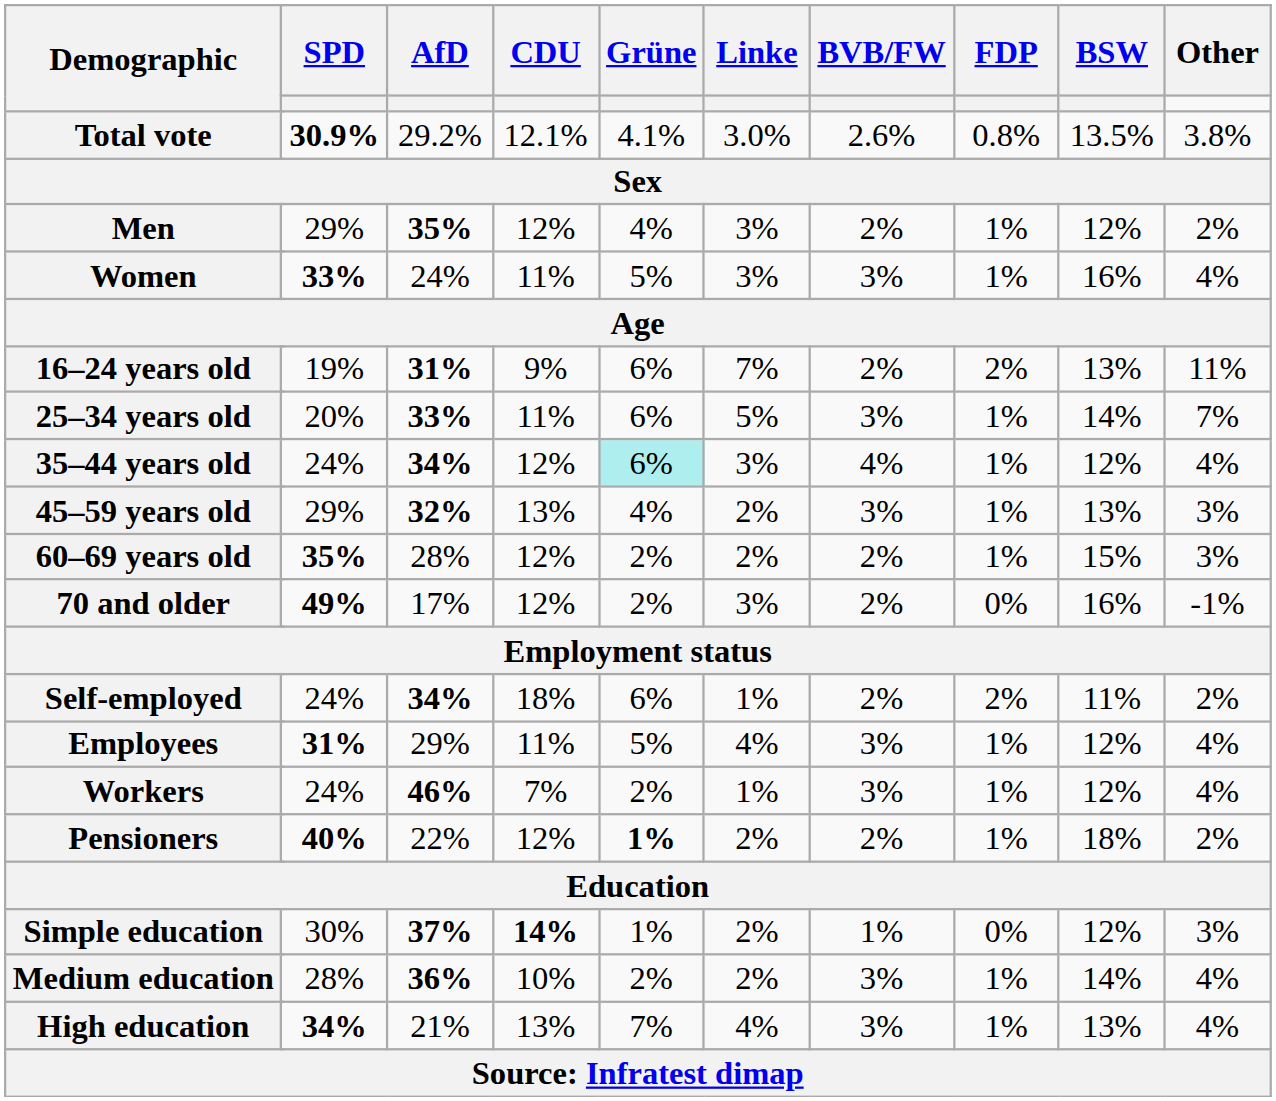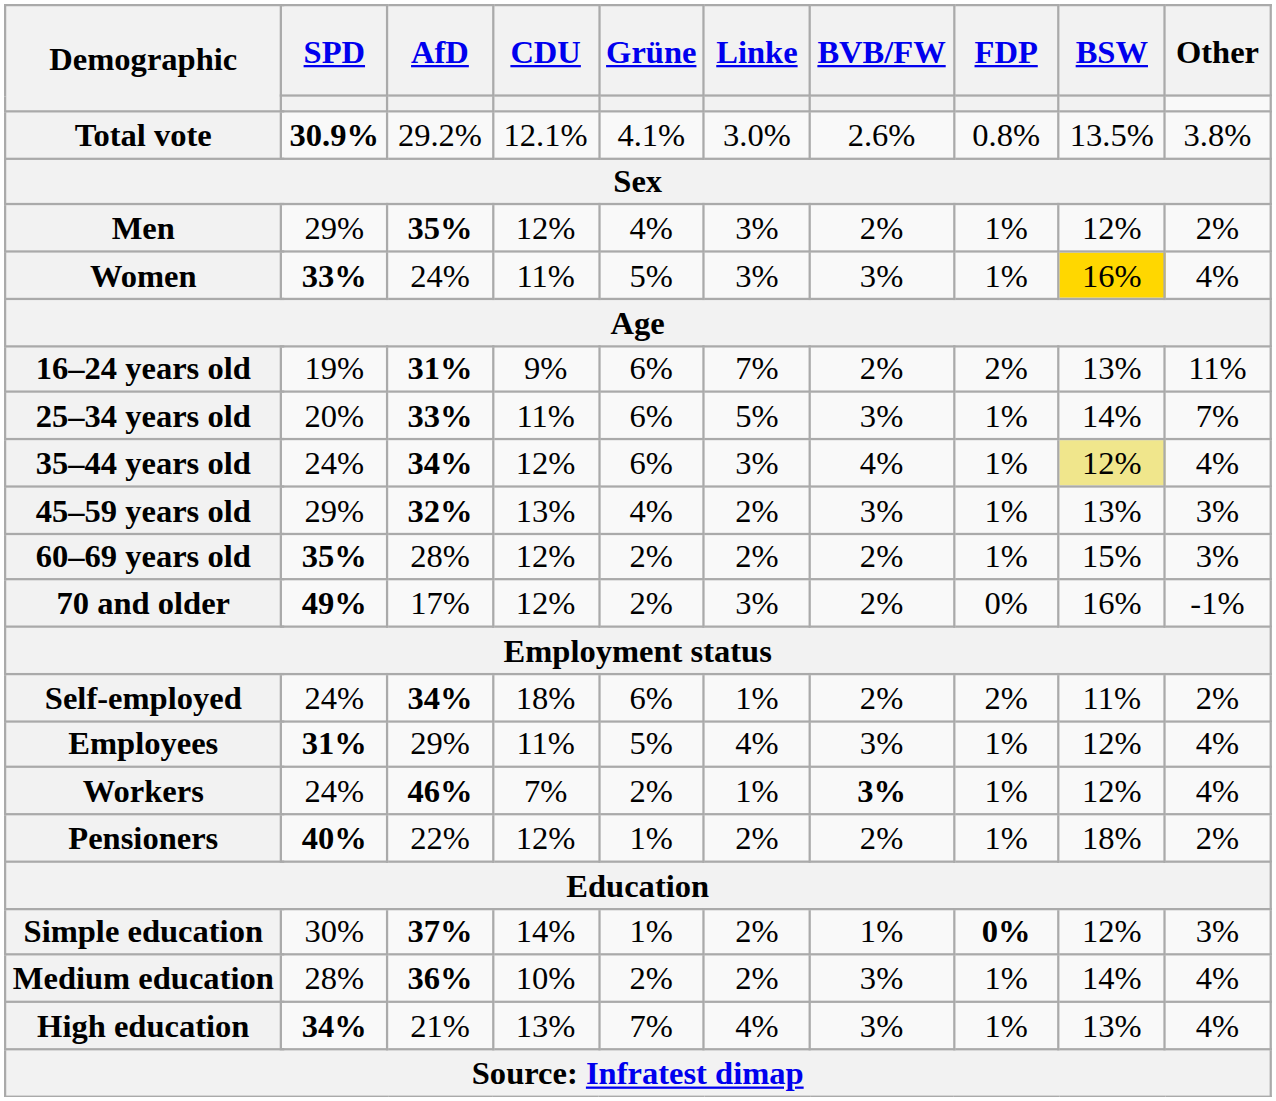 <table class="wikitable sortable" style="text-align:center; font-size:90%; line-height:14px">
 <tr style="height:40px;">
 <th rowspan="2" colspan="2">Demographic</th>
 <th class="unsortable" style="width:40px;"><a href='#'>SPD</a></th>
 <th class="unsortable" style="width:40px;"><a href='#'>AfD</a></th>
 <th class="unsortable" style="width:40px;"><a href='#'>CDU</a></th>
 <th class="unsortable" style="width:40px;"><a href='#'>Grüne</a></th>
 <th class="unsortable" style="width:40px;"><a href='#'>Linke</a></th>
 <th class="unsortable" style="width:40px;"><a href='#'>BVB/FW</a></th>
 <th class="unsortable" style="width:40px;"><a href='#'>FDP</a></th>
 <th class="unsortable" style="width:40px;"><a href='#'>BSW</a></th>
 <th class="unsortable" style="width:40px;">Other</th>
 </tr>
 <tr>
 <th data-sort-type="number" style="background:"></th>
 <th data-sort-type="number" style="background:"></th>
 <th data-sort-type="number" style="background:"></th>
 <th data-sort-type="number" style="background:"></th>
 <th data-sort-type="number" style="background:"></th>
 <th data-sort-type="number" style="background:"></th>
 <th data-sort-type="number" style="background:"></th>
 <th data-sort-type="number" style="background:"></th>
 </tr>
 <tr>
 <th colspan="2">Total vote</th>
 <td style="background-color:#"><strong>30.9%</strong></td>
 <td>29.2%</td>
 <td>12.1%</td>
 <td>4.1%</td>
 <td>3.0%</td>
 <td>2.6%</td>
 <td>0.8%</td>
 <td>13.5%</td>
 <td>3.8%</td>
 </tr>
 <tr>
 <th colspan="13">Sex</th>
 </tr>
 <tr>
 <th colspan="2">Men</th>
 <td>29%</td>
 <td style="background-color:#"><strong>35%</strong></td>
 <td>12%</td>
 <td>4%</td>
 <td>3%</td>
 <td>2%</td>
 <td>1%</td>
 <td>12%</td>
 <td>2%</td>
 </tr>
 <tr>
 <th colspan="2">Women</th>
 <td style="background-color:#"><strong>33%</strong></td>
 <td>24%</td>
 <td>11%</td>
 <td>5%</td>
 <td>3%</td>
 <td>3%</td>
 <td>1%</td>
-<td>16%</td>
+<td style="background: gold;">16%</td>
 <td>4%</td>
 </tr>
 <tr>
 <th colspan="13">Age</th>
 </tr>
 <tr>
 <th colspan="2">16–24 years old</th>
 <td>19%</td>
 <td style="background-color:#"><strong>31%</strong></td>
 <td>9%</td>
 <td>6%</td>
 <td>7%</td>
 <td>2%</td>
 <td>2%</td>
 <td>13%</td>
 <td>11%</td>
 </tr>
 <tr>
 <th colspan="2">25–34 years old</th>
 <td>20%</td>
 <td style="background-color:#"><strong>33%</strong></td>
 <td>11%</td>
 <td>6%</td>
 <td>5%</td>
 <td>3%</td>
 <td>1%</td>
 <td>14%</td>
 <td>7%</td>
 </tr>
 <tr>
 <th colspan="2">35–44 years old</th>
 <td>24%</td>
 <td style="background-color:#"><strong>34%</strong></td>
 <td>12%</td>
-<td style="background: paleturquoise;">6%</td>
+<td>6%</td>
 <td>3%</td>
 <td>4%</td>
 <td>1%</td>
-<td>12%</td>
+<td style="background: khaki;">12%</td>
 <td>4%</td>
 </tr>
 <tr>
 <th colspan="2">45–59 years old</th>
 <td>29%</td>
 <td style="background-color:#"><strong>32%</strong></td>
 <td>13%</td>
 <td>4%</td>
 <td>2%</td>
 <td>3%</td>
 <td>1%</td>
 <td>13%</td>
 <td>3%</td>
 </tr>
 <tr>
 <th colspan="2">60–69 years old</th>
 <td style="background-color:#"><strong>35%</strong></td>
 <td>28%</td>
 <td>12%</td>
 <td>2%</td>
 <td>2%</td>
 <td>2%</td>
 <td>1%</td>
 <td>15%</td>
 <td>3%</td>
 </tr>
 <tr>
 <th colspan="2">70 and older</th>
 <td style="background-color:#"><strong>49%</strong></td>
 <td>17%</td>
 <td>12%</td>
 <td>2%</td>
 <td>3%</td>
 <td>2%</td>
 <td>0%</td>
 <td>16%</td>
 <td>-1%</td>
 </tr>
 <tr>
 <th colspan="13">Employment status</th>
 </tr>
 <tr>
 <th colspan="2">Self-employed</th>
 <td>24%</td>
 <td style="background-color:#"><strong>34%</strong></td>
 <td>18%</td>
 <td>6%</td>
 <td>1%</td>
 <td>2%</td>
 <td>2%</td>
 <td>11%</td>
 <td>2%</td>
 </tr>
 <tr>
 <th colspan="2">Employees</th>
 <td style="background-color:#"><strong>31%</strong></td>
 <td>29%</td>
 <td>11%</td>
 <td>5%</td>
 <td>4%</td>
 <td>3%</td>
 <td>1%</td>
 <td>12%</td>
 <td>4%</td>
 </tr>
 <tr>
 <th colspan="2">Workers</th>
 <td>24%</td>
 <td style="background-color:#"><strong>46%</strong></td>
 <td>7%</td>
 <td>2%</td>
 <td>1%</td>
-<td>3%</td>
+<td><strong>3%</strong></td>
 <td>1%</td>
 <td>12%</td>
 <td>4%</td>
 </tr>
 <tr>
 <th colspan="2">Pensioners</th>
 <td style="background-color:#"><strong>40%</strong></td>
 <td>22%</td>
 <td>12%</td>
-<td><strong>1%</strong></td>
+<td>1%</td>
 <td>2%</td>
 <td>2%</td>
 <td>1%</td>
 <td>18%</td>
 <td>2%</td>
 </tr>
 <tr>
 <th colspan="13">Education</th>
 </tr>
 <tr>
 <th colspan="2">Simple education</th>
 <td>30%</td>
 <td style="background-color:#"><strong>37%</strong></td>
-<td><strong>14%</strong></td>
+<td>14%</td>
 <td>1%</td>
 <td>2%</td>
 <td>1%</td>
-<td>0%</td>
+<td><strong>0%</strong></td>
 <td>12%</td>
 <td>3%</td>
 </tr>
 <tr>
 <th colspan="2">Medium education</th>
 <td>28%</td>
 <td style="background-color:#"><strong>36%</strong></td>
 <td>10%</td>
 <td>2%</td>
 <td>2%</td>
 <td>3%</td>
 <td>1%</td>
 <td>14%</td>
 <td>4%</td>
 </tr>
 <tr>
 <th colspan="2">High education</th>
 <td style="background-color:#"><strong>34%</strong></td>
 <td>21%</td>
 <td>13%</td>
 <td>7%</td>
 <td>4%</td>
 <td>3%</td>
 <td>1%</td>
 <td>13%</td>
 <td>4%</td>
 </tr>
 <tr>
 <th colspan="13">Source: <a href='#'>Infratest dimap</a></th>
 </tr>
 </table>
